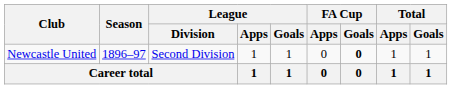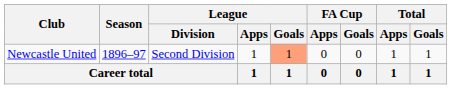 <table class="wikitable" style="text-align: center">
 <tr>
 <th rowspan="2">Club</th>
 <th rowspan="2">Season</th>
 <th colspan="3">League</th>
 <th colspan="2">FA Cup</th>
 <th colspan="2">Total</th>
 </tr>
 <tr>
 <th>Division</th>
 <th>Apps</th>
 <th>Goals</th>
 <th>Apps</th>
 <th>Goals</th>
 <th>Apps</th>
 <th>Goals</th>
 </tr>
 <tr>
 <td><a href='#'>Newcastle United</a></td>
 <td><a href='#'>1896–97</a></td>
 <td><a href='#'>Second Division</a></td>
 <td>1</td>
-<td>1</td>
+<td style="background: lightsalmon;">1</td>
 <td>0</td>
-<td><strong>0</strong></td>
+<td>0</td>
 <td>1</td>
 <td>1</td>
 </tr>
 <tr>
 <th colspan="3">Career total</th>
 <th>1</th>
 <th>1</th>
 <th>0</th>
 <th>0</th>
 <th>1</th>
 <th>1</th>
 </tr>
 </table>
